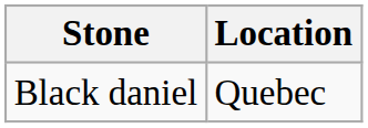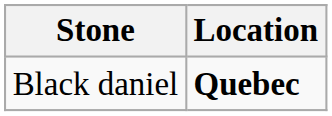 <table class="wikitable">
 <tr>
 <th>Stone</th>
 <th>Location</th>
 </tr>
 <tr>
 <td>Black daniel</td>
-<td>Quebec</td>
+<td><strong>Quebec</strong></td>
 </tr>
 </table>
